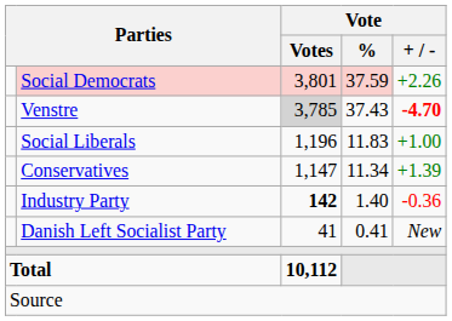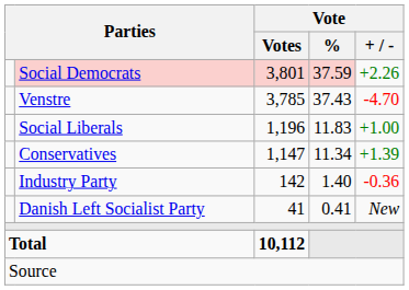 <table class="wikitable" style="text-align:right;">
 <tr>
 <th style="text-align:centre;" rowspan="2" colspan="2" width="225">Parties</th>
 <th colspan="3">Vote</th>
 </tr>
 <tr>
 <th width="15">Votes</th>
 <th width="15">%</th>
 <th width="15">+ / -</th>
 </tr>
 <tr>
 <td width="2" style="color:inherit;background:"></td>
 <td bgcolor=#fbd0ce  align="left"><a href='#'>Social Democrats</a></td>
 <td bgcolor=#fbd0ce>3,801</td>
 <td bgcolor=#fbd0ce>37.59</td>
 <td style=color:green;>+2.26</td>
 </tr>
 <tr>
 <td width="2" style="color:inherit;background:"></td>
 <td align="left"><a href='#'>Venstre</a></td>
-<td style="background: lightgrey;">3,785</td>
+<td>3,785</td>
 <td>37.43</td>
-<td style=color:red;><strong>-4.70</strong></td>
+<td style=color:red;>-4.70</td>
 </tr>
 <tr>
 <td width="2" style="color:inherit;background:"></td>
 <td align="left"><a href='#'>Social Liberals</a></td>
 <td>1,196</td>
 <td>11.83</td>
 <td style=color:green;>+1.00</td>
 </tr>
 <tr>
 <td width="2" style="color:inherit;background:"></td>
 <td align="left"><a href='#'>Conservatives</a></td>
 <td>1,147</td>
 <td>11.34</td>
 <td style=color:green;>+1.39</td>
 </tr>
 <tr>
 <td width="2" style="color:inherit;background:"></td>
 <td align="left"><a href='#'>Industry Party</a></td>
-<td><strong>142</strong></td>
+<td>142</td>
 <td>1.40</td>
 <td style=color:red;>-0.36</td>
 </tr>
 <tr>
 <td width="2" style="color:inherit;background:"></td>
 <td align="left"><a href='#'>Danish Left Socialist Party</a></td>
 <td>41</td>
 <td>0.41</td>
 <td><em>New</em></td>
 </tr>
 <tr>
 <td colspan="7" bgcolor="#E9E9E9"></td>
 </tr>
 <tr>
 <td align="left" colspan="2"><strong>Total</strong></td>
 <td><strong>10,112</strong></td>
 <td bgcolor="#E9E9E9" colspan="2"></td>
 </tr>
 <tr>
 <td align="left" colspan="6">Source</td>
 </tr>
 </table>
